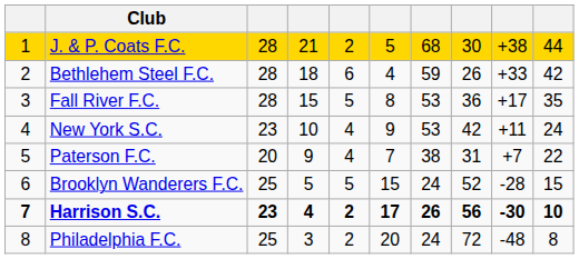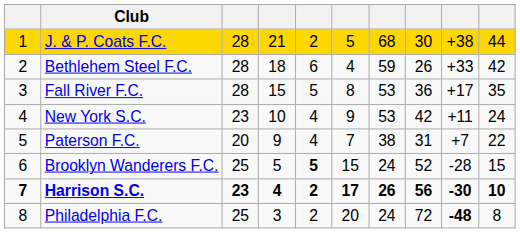 <table class="wikitable" style="text-align:center">
 <tr>
 <th width=30></th>
 <th>Club</th>
 <th width=30></th>
 <th width=30></th>
 <th width=30></th>
 <th width=30></th>
 <th width=30></th>
 <th width=30></th>
 <th width=30></th>
 <th width=30></th>
 </tr>
 <tr bgcolor="gold">
 <td>1</td>
 <td align=left><a href='#'>J. & P. Coats F.C.</a></td>
 <td>28</td>
 <td>21</td>
 <td>2</td>
 <td>5</td>
 <td>68</td>
 <td>30</td>
 <td>+38</td>
 <td>44</td>
 </tr>
 <tr>
 <td>2</td>
 <td align=left><a href='#'>Bethlehem Steel F.C.</a></td>
 <td>28</td>
 <td>18</td>
 <td>6</td>
 <td>4</td>
 <td>59</td>
 <td>26</td>
 <td>+33</td>
 <td>42</td>
 </tr>
 <tr>
 <td>3</td>
 <td align=left><a href='#'>Fall River F.C.</a></td>
 <td>28</td>
 <td>15</td>
 <td>5</td>
 <td>8</td>
 <td>53</td>
 <td>36</td>
 <td>+17</td>
 <td>35</td>
 </tr>
 <tr>
 <td>4</td>
 <td align=left><a href='#'>New York S.C.</a></td>
 <td>23</td>
 <td>10</td>
 <td>4</td>
 <td>9</td>
 <td>53</td>
 <td>42</td>
 <td>+11</td>
 <td>24</td>
 </tr>
 <tr>
 <td>5</td>
 <td align=left><a href='#'>Paterson F.C.</a></td>
 <td>20</td>
 <td>9</td>
 <td>4</td>
 <td>7</td>
 <td>38</td>
 <td>31</td>
 <td>+7</td>
 <td>22</td>
 </tr>
 <tr>
 <td>6</td>
 <td align=left><a href='#'>Brooklyn Wanderers F.C.</a></td>
 <td>25</td>
 <td>5</td>
-<td>5</td>
+<td><strong>5</strong></td>
 <td>15</td>
 <td>24</td>
 <td>52</td>
 <td>-28</td>
 <td>15</td>
 </tr>
 <tr>
 <td><strong>7</strong></td>
 <td align=left><strong><a href='#'>Harrison S.C.</a></strong></td>
 <td><strong>23</strong></td>
 <td><strong>4</strong></td>
 <td><strong>2</strong></td>
 <td><strong>17</strong></td>
 <td><strong>26</strong></td>
 <td><strong>56</strong></td>
 <td><strong>-30</strong></td>
 <td><strong>10</strong></td>
 </tr>
 <tr>
 <td>8</td>
 <td align=left><a href='#'>Philadelphia F.C.</a></td>
 <td>25</td>
 <td>3</td>
 <td>2</td>
 <td>20</td>
 <td>24</td>
 <td>72</td>
-<td>-48</td>
+<td><strong>-48</strong></td>
 <td>8</td>
 </tr>
 </table>
